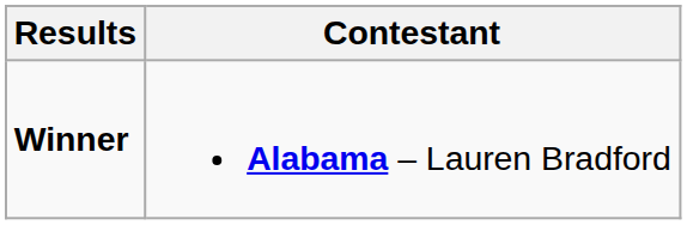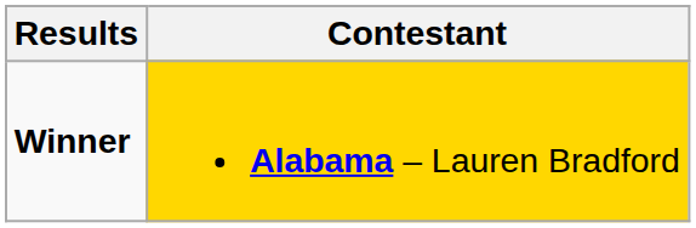 <table class="wikitable" style="font-size:90%;">
 <tr>
 <th>Results</th>
 <th>Contestant</th>
 </tr>
 <tr>
 <td><strong>Winner</strong></td>
-<td><br><ul><li> <strong><a href='#'>Alabama</a></strong> – Lauren Bradford</li></ul></td>
+<td style="background: gold;"><br><ul><li> <strong><a href='#'>Alabama</a></strong> – Lauren Bradford</li></ul></td>
 </tr>
 </table>
